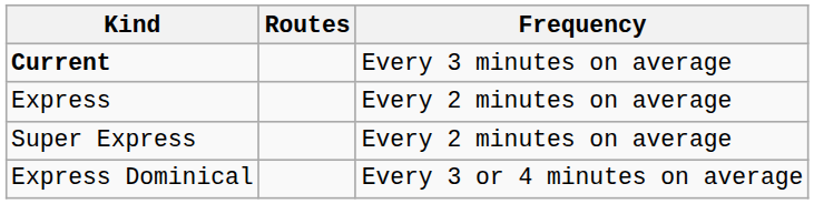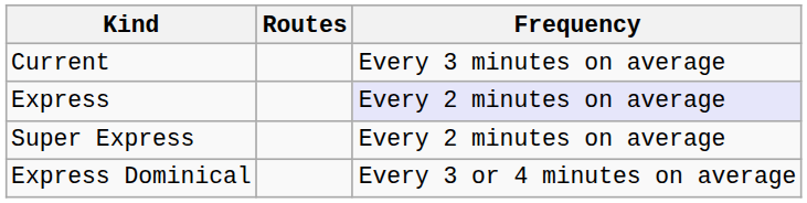 <table class="wikitable" style="margin:1em auto;">
 <tr>
 <th>Kind</th>
 <th>Routes</th>
 <th>Frequency</th>
 </tr>
 <tr>
-<td><strong>Current</strong></td>
+<td>Current</td>
 <td>  </td>
 <td>Every 3 minutes on average</td>
 </tr>
 <tr>
 <td>Express</td>
 <td> </td>
-<td>Every 2 minutes on average</td>
+<td style="background: lavender;">Every 2 minutes on average</td>
 </tr>
 <tr>
 <td>Super Express</td>
 <td>   </td>
 <td>Every 2 minutes on average</td>
 </tr>
 <tr>
 <td>Express Dominical</td>
 <td></td>
 <td>Every 3 or 4 minutes on average</td>
 </tr>
 </table>
